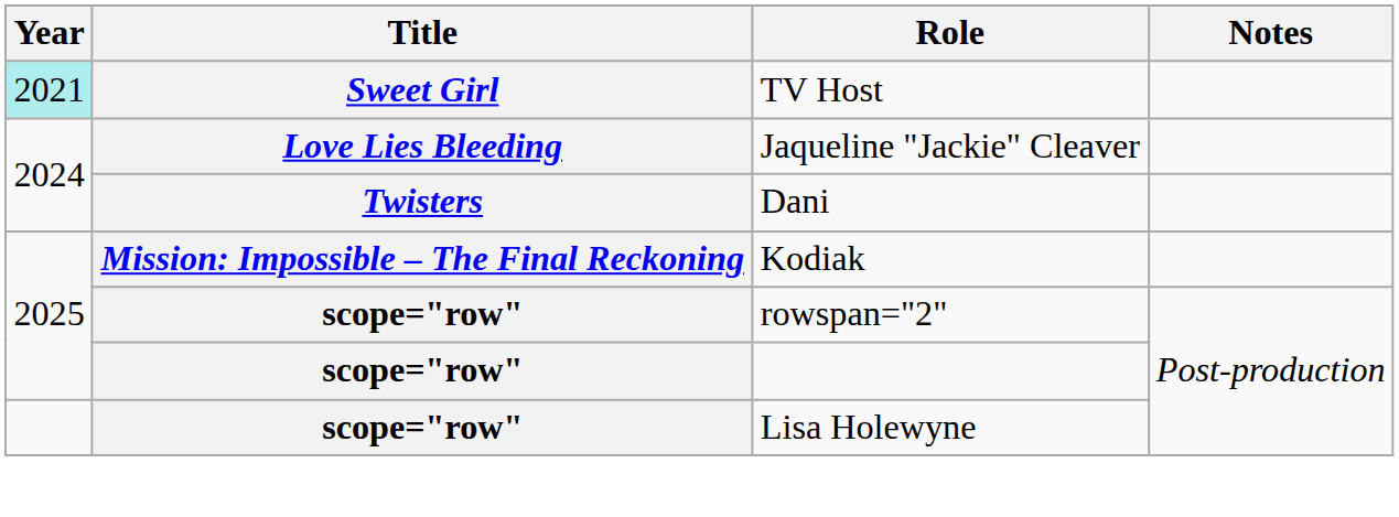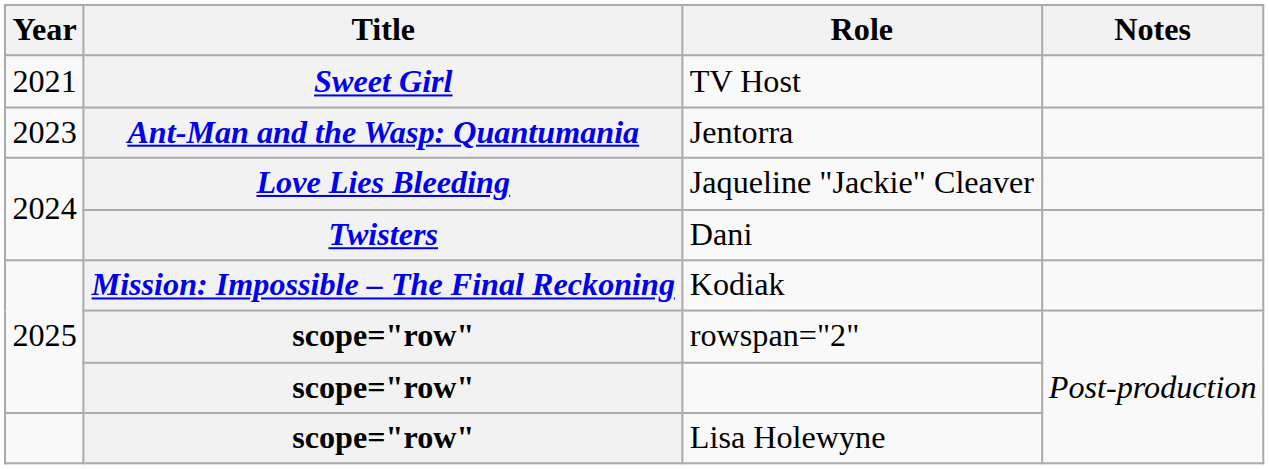 <table class="wikitable sortable plainrowheaders">
 <tr>
 <th scope="col">Year</th>
 <th scope="col">Title</th>
 <th scope="col">Role</th>
 <th scope="col" class="unsortable">Notes</th>
 </tr>
 <tr>
-<td style="background: paleturquoise;">2021</td>
+<td>2021</td>
 <th scope="row"><em><a href='#'>Sweet Girl</a></em></th>
 <td>TV Host</td>
+<td></td>
+</tr>
+<tr>
+<td>2023</td>
+<th scope="row"><em><a href='#'>Ant-Man and the Wasp: Quantumania</a></em></th>
+<td>Jentorra</td>
 <td></td>
 </tr>
 <tr>
 <td rowspan="2">2024</td>
 <th scope="row"><em><a href='#'>Love Lies Bleeding</a></em></th>
 <td>Jaqueline "Jackie" Cleaver</td>
 <td></td>
 </tr>
 <tr>
 <th scope="row"><em><a href='#'>Twisters</a></em></th>
 <td>Dani</td>
 <td></td>
 </tr>
 <tr>
 <td rowspan="3">2025</td>
 <th scope="row"><em><a href='#'>Mission: Impossible – The Final Reckoning</a></em></th>
 <td>Kodiak</td>
 <td></td>
 </tr>
 <tr>
 <th>scope="row" </th>
 <td>rowspan="2" </td>
 <td rowspan="3"><em>Post-production</em></td>
 </tr>
 <tr>
 <th>scope="row" </th>
 </tr>
 <tr>
 <td></td>
 <th>scope="row"</th>
 <td>Lisa Holewyne</td>
 </tr>
 </table>
